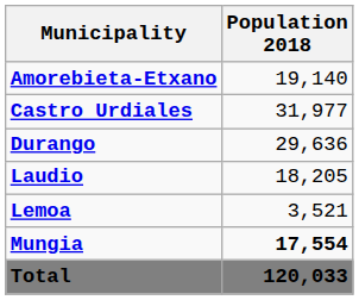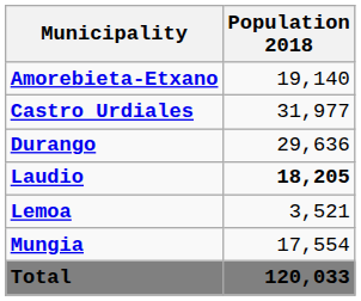 <table class="wikitable">
 <tr>
 <th style="text-align: center;"><strong>Municipality</strong></th>
 <th style="text-align: center;"><strong>Population</strong><br><strong>2018</strong></th>
 </tr>
 <tr>
 <td><strong><a href='#'>Amorebieta-Etxano</a></strong></td>
 <td align="right">19,140</td>
 </tr>
 <tr>
 <td><strong><a href='#'>Castro Urdiales</a></strong></td>
 <td align="right">31,977</td>
 </tr>
 <tr>
 <td><strong><a href='#'>Durango</a></strong></td>
 <td align="right">29,636</td>
 </tr>
 <tr>
 <td><strong><a href='#'>Laudio</a></strong></td>
-<td align="right">18,205</td>
+<td align="right"><strong>18,205</strong></td>
 </tr>
 <tr>
 <td><strong><a href='#'>Lemoa</a></strong></td>
 <td align="right">3,521</td>
 </tr>
 <tr>
 <td><strong><a href='#'>Mungia</a></strong></td>
-<td align="right"><strong>17,554</strong></td>
+<td align="right">17,554</td>
 </tr>
 <tr bgcolor=gray>
 <td><strong>Total</strong></td>
 <td align="right"><strong>120,033</strong></td>
 </tr>
 <tr bgcolor=gray>
 </tr>
 </table>
